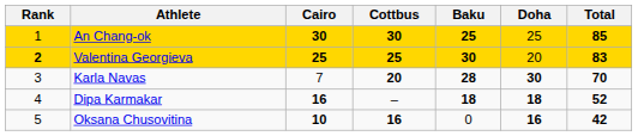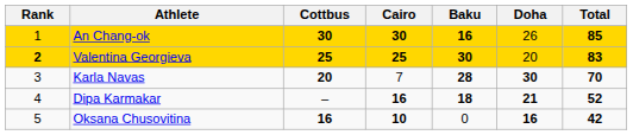 <table style="width:60%;" class="wikitable">
 <tr>
 <th style="text-align:center; width:6%;">Rank</th>
 <th style="text-align:center; width:20%;">Athlete</th>
+<th style="text-align:center; width:6%;"> Cottbus</th>
 <th style="text-align:center; width:6%;"> Cairo</th>
-<th style="text-align:center; width:6%;"> Cottbus</th>
 <th style="text-align:center; width:6%;"> Baku</th>
 <th style="text-align:center; width:6%;"> Doha</th>
 <th style="text-align:center; width:6%;">Total</th>
 </tr>
 <tr scope=row style="text-align:center" bgcolor=gold>
 <td>1</td>
 <td align=left> <a href='#'>An Chang-ok</a></td>
 <td><strong>30</strong></td>
 <td><strong>30</strong></td>
-<td><strong>25</strong></td>
-<td>25</td>
+<td><strong>16</strong></td>
+<td>26</td>
 <td><strong>85</strong></td>
 </tr>
 <tr scope=row style="text-align:center" bgcolor=gold>
 <td><strong>2</strong></td>
 <td align=left> <a href='#'>Valentina Georgieva</a></td>
 <td><strong>25</strong></td>
 <td><strong>25</strong></td>
 <td><strong>30</strong></td>
 <td>20</td>
 <td><strong>83</strong></td>
 </tr>
 <tr scope=row style="text-align:center">
 <td>3</td>
 <td align=left> <a href='#'>Karla Navas</a></td>
+<td><strong>20</strong></td>
 <td>7</td>
-<td><strong>20</strong></td>
 <td><strong>28</strong></td>
 <td><strong>30</strong></td>
 <td><strong>70</strong></td>
 </tr>
 <tr scope=row style="text-align:center">
 <td>4</td>
 <td align=left> <a href='#'>Dipa Karmakar</a></td>
+<td>–</td>
 <td><strong>16</strong></td>
-<td>–</td>
 <td><strong>18</strong></td>
-<td><strong>18</strong></td>
+<td><strong>21</strong></td>
 <td><strong>52</strong></td>
 </tr>
 <tr scope=row style="text-align:center">
 <td>5</td>
 <td align=left> <a href='#'>Oksana Chusovitina</a></td>
+<td><strong>16</strong></td>
 <td><strong>10</strong></td>
-<td><strong>16</strong></td>
 <td>0</td>
 <td><strong>16</strong></td>
 <td><strong>42</strong></td>
 </tr>
 </table>
